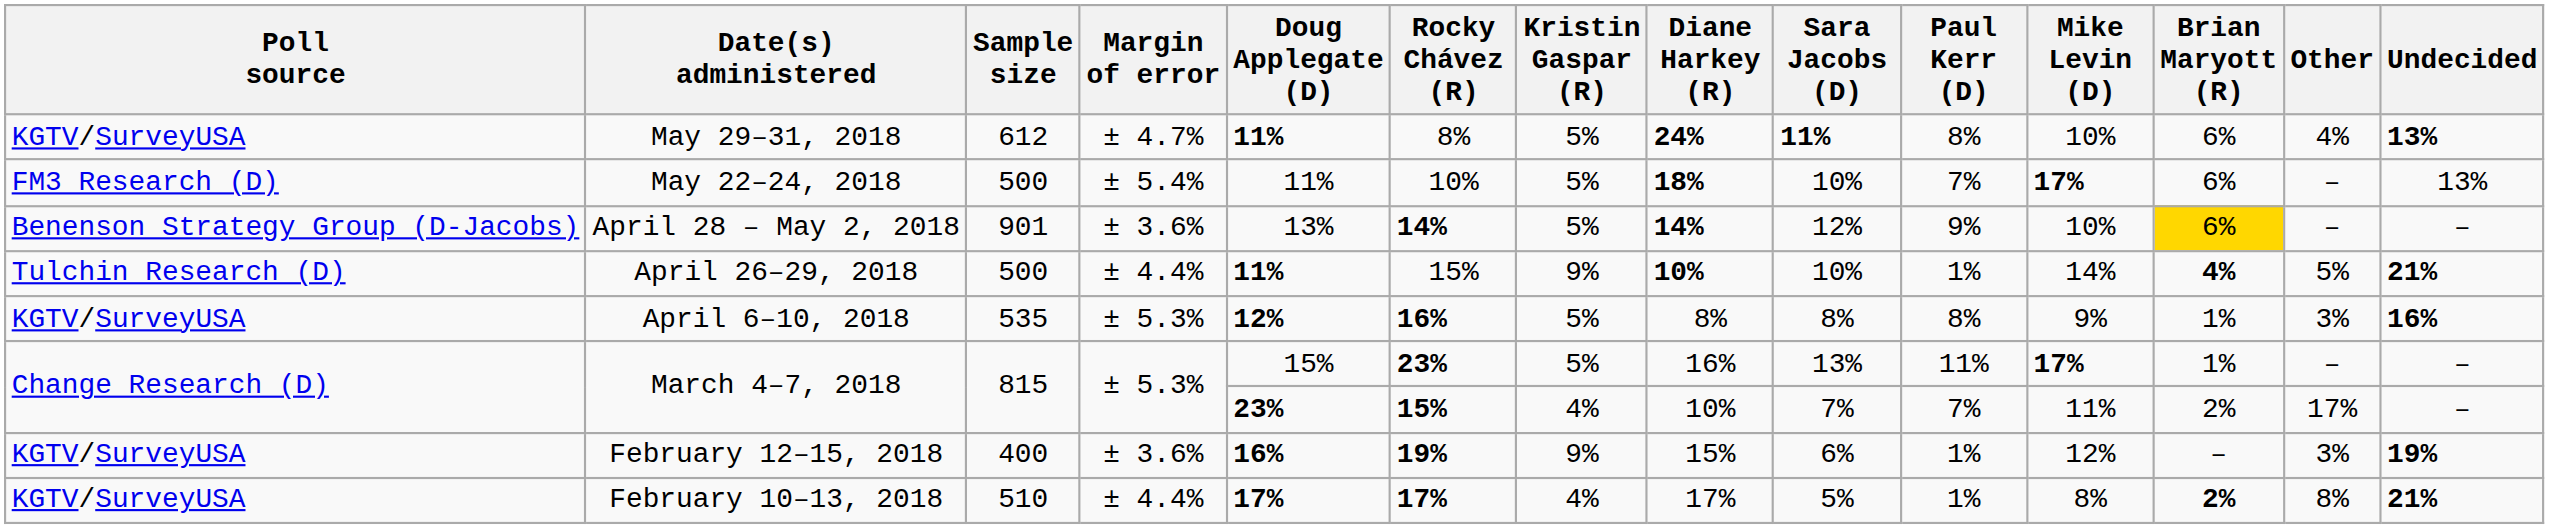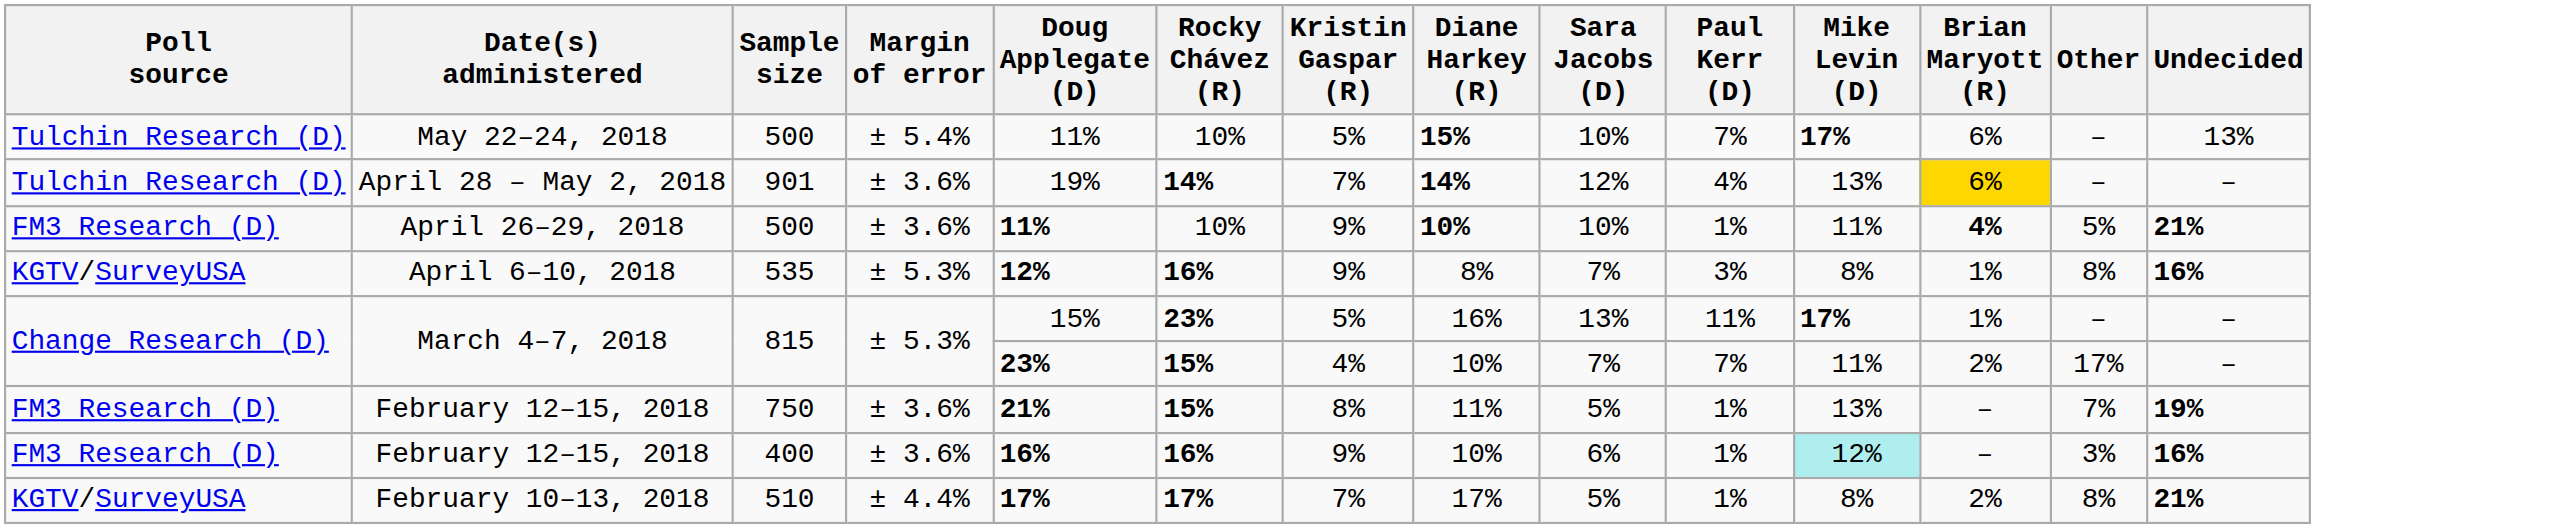 <table class="wikitable">
 <tr>
 <th>Poll<br>source</th>
 <th>Date(s)<br>administered</th>
 <th>Sample<br>size</th>
 <th>Margin<br>of error</th>
 <th style="width:53px">Doug<br>Applegate<br>(D)</th>
 <th style="width:53px">Rocky<br>Chávez<br>(R)</th>
 <th style="width:53px">Kristin<br>Gaspar<br>(R)</th>
 <th style="width:53px">Diane<br>Harkey<br>(R)</th>
 <th style="width:53px">Sara<br>Jacobs<br>(D)</th>
 <th style="width:53px">Paul<br>Kerr<br>(D)</th>
 <th style="width:53px">Mike<br>Levin<br>(D)</th>
 <th style="width:53px">Brian<br>Maryott<br>(R)</th>
 <th>Other</th>
 <th>Undecided</th>
 </tr>
 <tr>
-<td><a href='#'>KGTV</a>/<a href='#'>SurveyUSA</a></td>
-<td style="text-align:center">May 29–31, 2018</td>
-<td style="text-align:center">612</td>
-<td style="text-align:center">± 4.7%</td>
-<td style="background-color:"><strong>11%</strong></td>
-<td style="text-align:center">8%</td>
-<td style="text-align:center">5%</td>
-<td style="background-color:"><strong>24%</strong></td>
-<td style="background-color:"><strong>11%</strong></td>
-<td style="text-align:center">8%</td>
-<td style="text-align:center">10%</td>
-<td style="text-align:center">6%</td>
-<td style="text-align:center">4%</td>
-<td><strong>13%</strong></td>
-</tr>
-<tr>
-<td><a href='#'>FM3 Research (D)</a></td>
+<td><a href='#'>Tulchin Research (D)</a></td>
 <td style="text-align:center">May 22–24, 2018</td>
 <td style="text-align:center">500</td>
 <td style="text-align:center">± 5.4%</td>
 <td style="text-align:center">11%</td>
 <td style="text-align:center">10%</td>
 <td style="text-align:center">5%</td>
-<td style="background-color:"><strong>18%</strong></td>
+<td style="background-color:"><strong>15%</strong></td>
 <td style="text-align:center">10%</td>
 <td style="text-align:center">7%</td>
 <td style="background-color:"><strong>17%</strong></td>
 <td style="text-align:center">6%</td>
 <td style="text-align:center">–</td>
 <td style="text-align:center">13%</td>
 </tr>
 <tr>
-<td><a href='#'>Benenson Strategy Group (D-Jacobs)</a></td>
+<td><a href='#'>Tulchin Research (D)</a></td>
 <td style="text-align:center">April 28 – May 2, 2018</td>
 <td style="text-align:center">901</td>
 <td style="text-align:center">± 3.6%</td>
-<td style="text-align:center">13%</td>
+<td style="text-align:center">19%</td>
 <td style="background-color:"><strong>14%</strong></td>
-<td style="text-align:center">5%</td>
+<td style="text-align:center">7%</td>
 <td style="background-color:"><strong>14%</strong></td>
 <td style="text-align:center">12%</td>
-<td style="text-align:center">9%</td>
-<td style="text-align:center">10%</td>
+<td style="text-align:center">4%</td>
+<td style="text-align:center">13%</td>
 <td style="background: gold; text-align:center">6%</td>
 <td style="text-align:center">–</td>
 <td style="text-align:center">–</td>
 </tr>
 <tr>
-<td><a href='#'>Tulchin Research (D)</a></td>
+<td><a href='#'>FM3 Research (D)</a></td>
 <td style="text-align:center">April 26–29, 2018</td>
 <td style="text-align:center">500</td>
-<td style="text-align:center">± 4.4%</td>
+<td style="text-align:center">± 3.6%</td>
 <td style="background-color:"><strong>11%</strong></td>
-<td style="text-align:center">15%</td>
+<td style="text-align:center">10%</td>
 <td style="text-align:center">9%</td>
 <td style="background-color:"><strong>10%</strong></td>
 <td style="text-align:center">10%</td>
 <td style="text-align:center">1%</td>
-<td style="text-align:center">14%</td>
+<td style="text-align:center">11%</td>
 <td style="text-align:center"><strong>4%</strong></td>
 <td style="text-align:center">5%</td>
 <td><strong>21%</strong></td>
 </tr>
 <tr>
 <td><a href='#'>KGTV</a>/<a href='#'>SurveyUSA</a></td>
 <td style="text-align:center">April 6–10, 2018</td>
 <td style="text-align:center">535</td>
 <td style="text-align:center">± 5.3%</td>
 <td style="background-color:"><strong>12%</strong></td>
 <td style="background-color:"><strong>16%</strong></td>
-<td style="text-align:center">5%</td>
+<td style="text-align:center">9%</td>
 <td style="text-align:center">8%</td>
+<td style="text-align:center">7%</td>
+<td style="text-align:center">3%</td>
 <td style="text-align:center">8%</td>
+<td style="text-align:center">1%</td>
 <td style="text-align:center">8%</td>
-<td style="text-align:center">9%</td>
-<td style="text-align:center">1%</td>
-<td style="text-align:center">3%</td>
 <td><strong>16%</strong></td>
 </tr>
 <tr>
 <td rowspan=2><a href='#'>Change Research (D)</a></td>
 <td rowspan=2; style="text-align:center">March 4–7, 2018</td>
 <td rowspan=2; style="text-align:center">815</td>
 <td rowspan=2; style="text-align:center">± 5.3%</td>
 <td style="text-align:center">15%</td>
 <td style="background-color:"><strong>23%</strong></td>
 <td style="text-align:center">5%</td>
 <td style="text-align:center">16%</td>
 <td style="text-align:center">13%</td>
 <td style="text-align:center">11%</td>
 <td style="background-color:"><strong>17%</strong></td>
 <td style="text-align:center">1%</td>
 <td style="text-align:center">–</td>
 <td style="text-align:center">–</td>
 </tr>
 <tr>
 <td style="background-color:"><strong>23%</strong></td>
 <td style="background-color:"><strong>15%</strong></td>
 <td style="text-align:center">4%</td>
 <td style="text-align:center">10%</td>
 <td style="text-align:center">7%</td>
 <td style="text-align:center">7%</td>
 <td style="text-align:center">11%</td>
 <td style="text-align:center">2%</td>
 <td style="text-align:center">17%</td>
 <td style="text-align:center">–</td>
 </tr>
 <tr>
-<td><a href='#'>KGTV</a>/<a href='#'>SurveyUSA</a></td>
+<td><a href='#'>FM3 Research (D)</a></td>
+<td style="text-align:center">February 12–15, 2018</td>
+<td style="text-align:center">750</td>
+<td style="text-align:center">± 3.6%</td>
+<td style="background-color:"><strong>21%</strong></td>
+<td style="background-color:"><strong>15%</strong></td>
+<td style="text-align:center">8%</td>
+<td style="text-align:center">11%</td>
+<td style="text-align:center">5%</td>
+<td style="text-align:center">1%</td>
+<td style="text-align:center">13%</td>
+<td style="text-align:center">–</td>
+<td style="text-align:center">7%</td>
+<td><strong>19%</strong></td>
+</tr>
+<tr>
+<td><a href='#'>FM3 Research (D)</a></td>
 <td style="text-align:center">February 12–15, 2018</td>
 <td style="text-align:center">400</td>
 <td style="text-align:center">± 3.6%</td>
 <td style="background-color:"><strong>16%</strong></td>
-<td style="background-color:"><strong>19%</strong></td>
+<td style="background-color:"><strong>16%</strong></td>
 <td style="text-align:center">9%</td>
-<td style="text-align:center">15%</td>
+<td style="text-align:center">10%</td>
 <td style="text-align:center">6%</td>
 <td style="text-align:center">1%</td>
-<td style="text-align:center">12%</td>
+<td style="background: paleturquoise; text-align:center">12%</td>
 <td style="text-align:center">–</td>
 <td style="text-align:center">3%</td>
-<td><strong>19%</strong></td>
+<td><strong>16%</strong></td>
 </tr>
 <tr>
 <td><a href='#'>KGTV</a>/<a href='#'>SurveyUSA</a></td>
 <td style="text-align:center">February 10–13, 2018</td>
 <td style="text-align:center">510</td>
 <td style="text-align:center">± 4.4%</td>
 <td style="background-color:"><strong>17%</strong></td>
 <td style="background-color:"><strong>17%</strong></td>
-<td style="text-align:center">4%</td>
+<td style="text-align:center">7%</td>
 <td style="text-align:center">17%</td>
 <td style="text-align:center">5%</td>
 <td style="text-align:center">1%</td>
 <td style="text-align:center">8%</td>
-<td style="text-align:center"><strong>2%</strong></td>
+<td style="text-align:center">2%</td>
 <td style="text-align:center">8%</td>
 <td><strong>21%</strong></td>
 </tr>
 </table>
